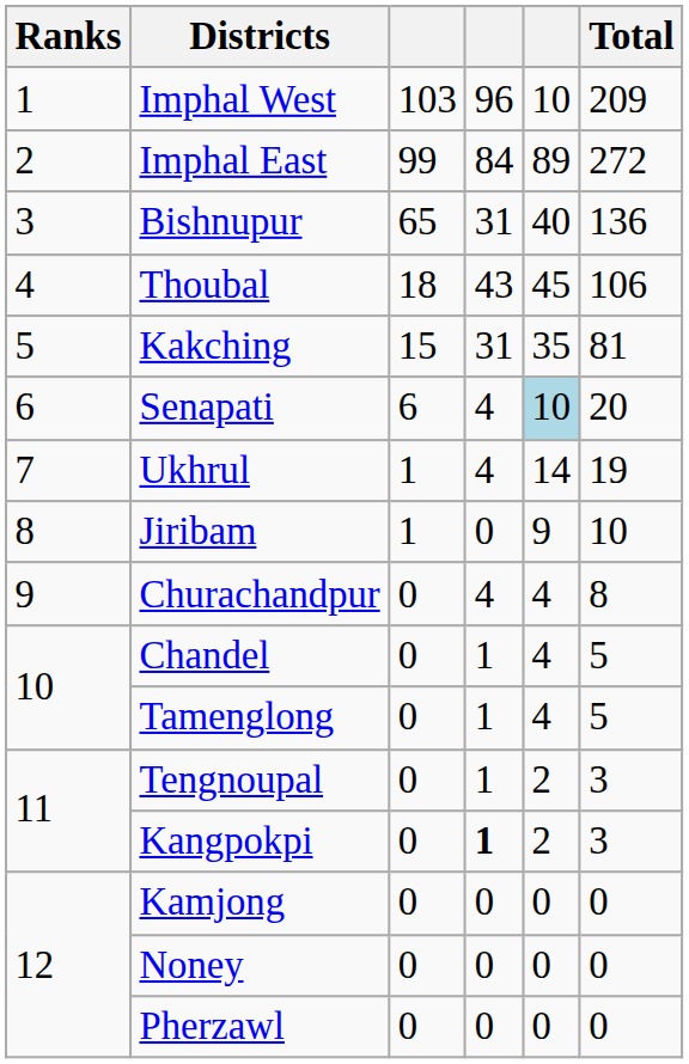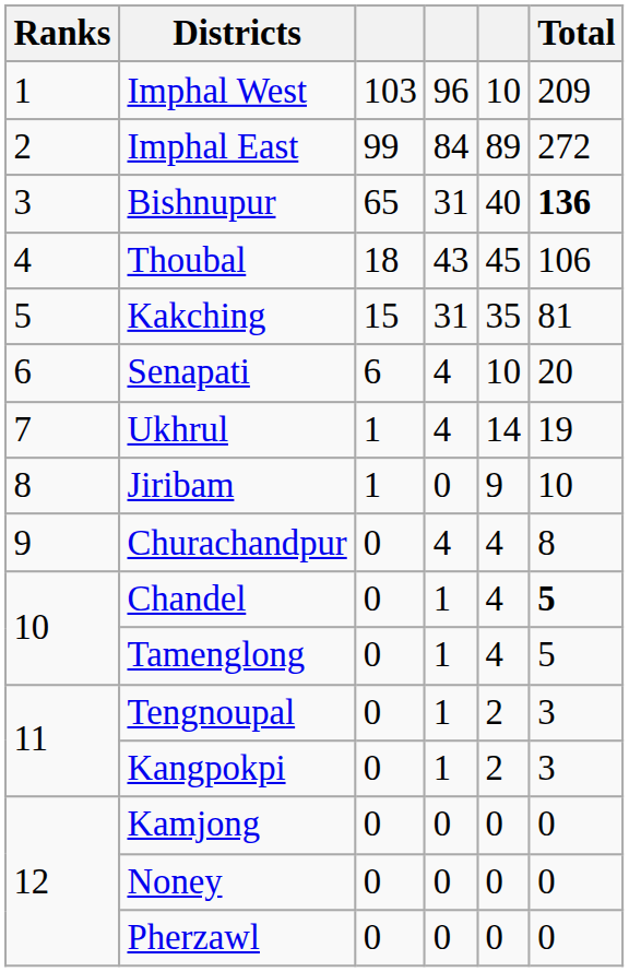 <table class="wikitable">
 <tr>
 <th>Ranks</th>
 <th>Districts</th>
 <th></th>
 <th></th>
 <th></th>
 <th>Total</th>
 </tr>
 <tr>
 <td>1</td>
 <td><a href='#'>Imphal West</a></td>
 <td>103</td>
 <td>96</td>
 <td>10</td>
 <td>209</td>
 </tr>
 <tr>
 <td>2</td>
 <td><a href='#'>Imphal East</a></td>
 <td>99</td>
 <td>84</td>
 <td>89</td>
 <td>272</td>
 </tr>
 <tr>
 <td>3</td>
 <td><a href='#'>Bishnupur</a></td>
 <td>65</td>
 <td>31</td>
 <td>40</td>
-<td>136</td>
+<td><strong>136</strong></td>
 </tr>
 <tr>
 <td>4</td>
 <td><a href='#'>Thoubal</a></td>
 <td>18</td>
 <td>43</td>
 <td>45</td>
 <td>106</td>
 </tr>
 <tr>
 <td>5</td>
 <td><a href='#'>Kakching</a></td>
 <td>15</td>
 <td>31</td>
 <td>35</td>
 <td>81</td>
 </tr>
 <tr>
 <td>6</td>
 <td><a href='#'>Senapati</a></td>
 <td>6</td>
 <td>4</td>
-<td style="background: lightblue;">10</td>
+<td>10</td>
 <td>20</td>
 </tr>
 <tr>
 <td>7</td>
 <td><a href='#'>Ukhrul</a></td>
 <td>1</td>
 <td>4</td>
 <td>14</td>
 <td>19</td>
 </tr>
 <tr>
 <td>8</td>
 <td><a href='#'>Jiribam</a></td>
 <td>1</td>
 <td>0</td>
 <td>9</td>
 <td>10</td>
 </tr>
 <tr>
 <td>9</td>
 <td><a href='#'>Churachandpur</a></td>
 <td>0</td>
 <td>4</td>
 <td>4</td>
 <td>8</td>
 </tr>
 <tr>
 <td rowspan="2">10</td>
 <td><a href='#'>Chandel</a></td>
 <td>0</td>
 <td>1</td>
 <td>4</td>
-<td>5</td>
+<td><strong>5</strong></td>
 </tr>
 <tr>
 <td><a href='#'>Tamenglong</a></td>
 <td>0</td>
 <td>1</td>
 <td>4</td>
 <td>5</td>
 </tr>
 <tr>
 <td rowspan="2">11</td>
 <td><a href='#'>Tengnoupal</a></td>
 <td>0</td>
 <td>1</td>
 <td>2</td>
 <td>3</td>
 </tr>
 <tr>
 <td><a href='#'>Kangpokpi</a></td>
 <td>0</td>
-<td><strong>1</strong></td>
+<td>1</td>
 <td>2</td>
 <td>3</td>
 </tr>
 <tr>
 <td rowspan="3">12</td>
 <td><a href='#'>Kamjong</a></td>
 <td>0</td>
 <td>0</td>
 <td>0</td>
 <td>0</td>
 </tr>
 <tr>
 <td><a href='#'>Noney</a></td>
 <td>0</td>
 <td>0</td>
 <td>0</td>
 <td>0</td>
 </tr>
 <tr>
 <td><a href='#'>Pherzawl</a></td>
 <td>0</td>
 <td>0</td>
 <td>0</td>
 <td>0</td>
 </tr>
 </table>
